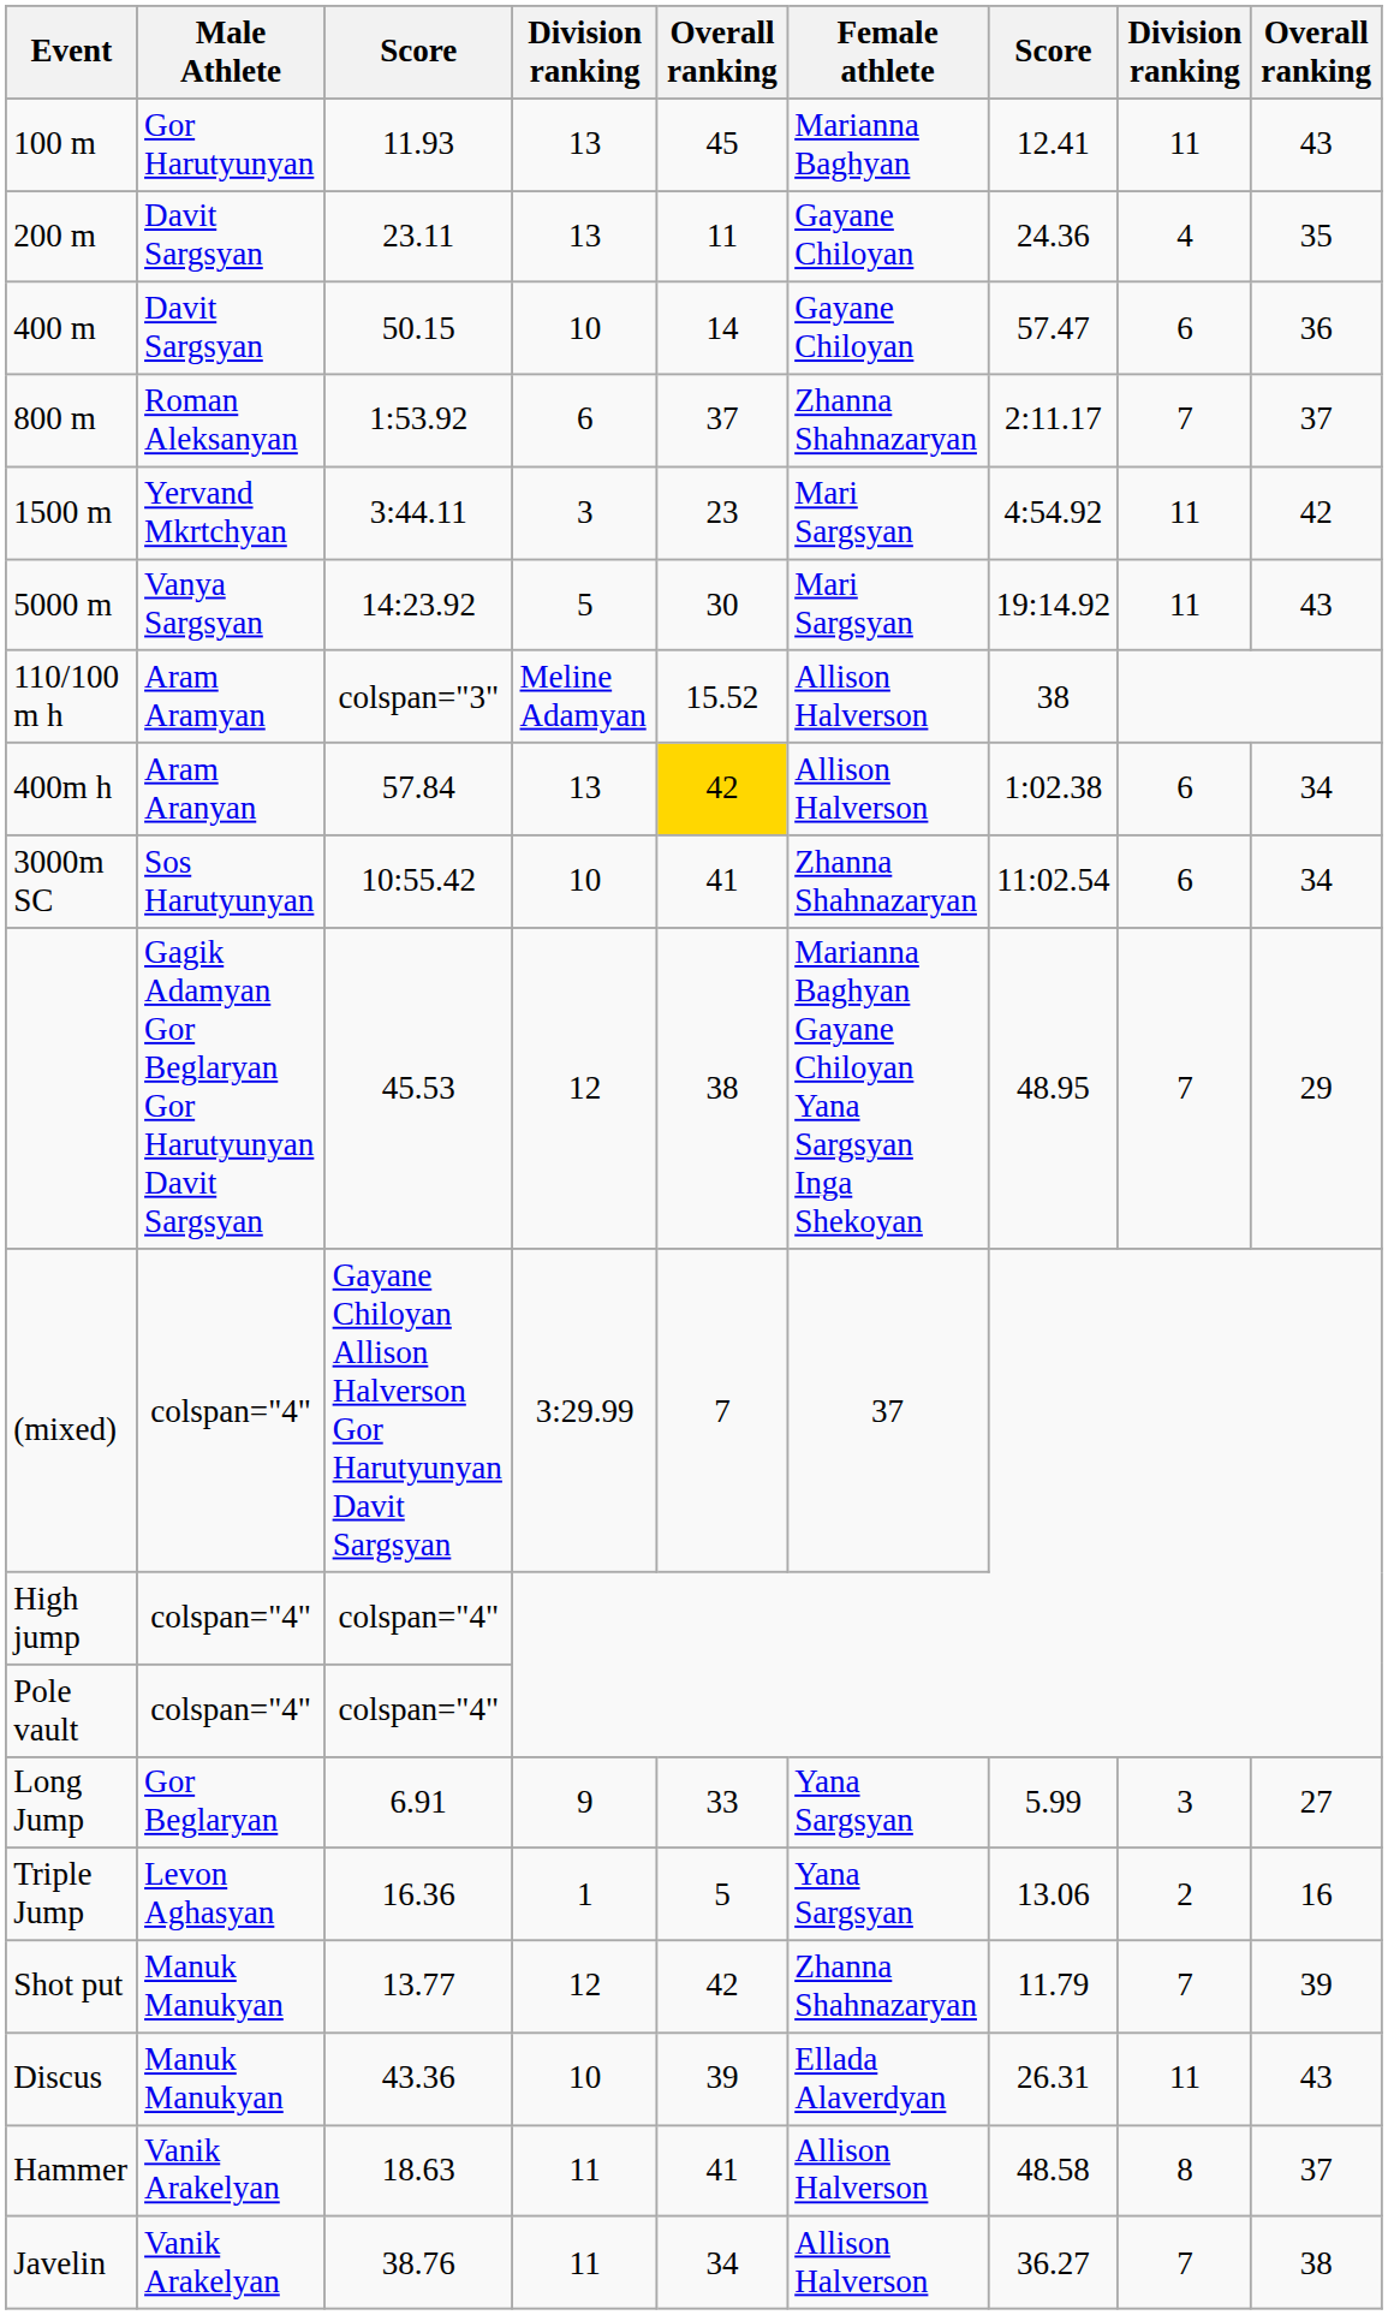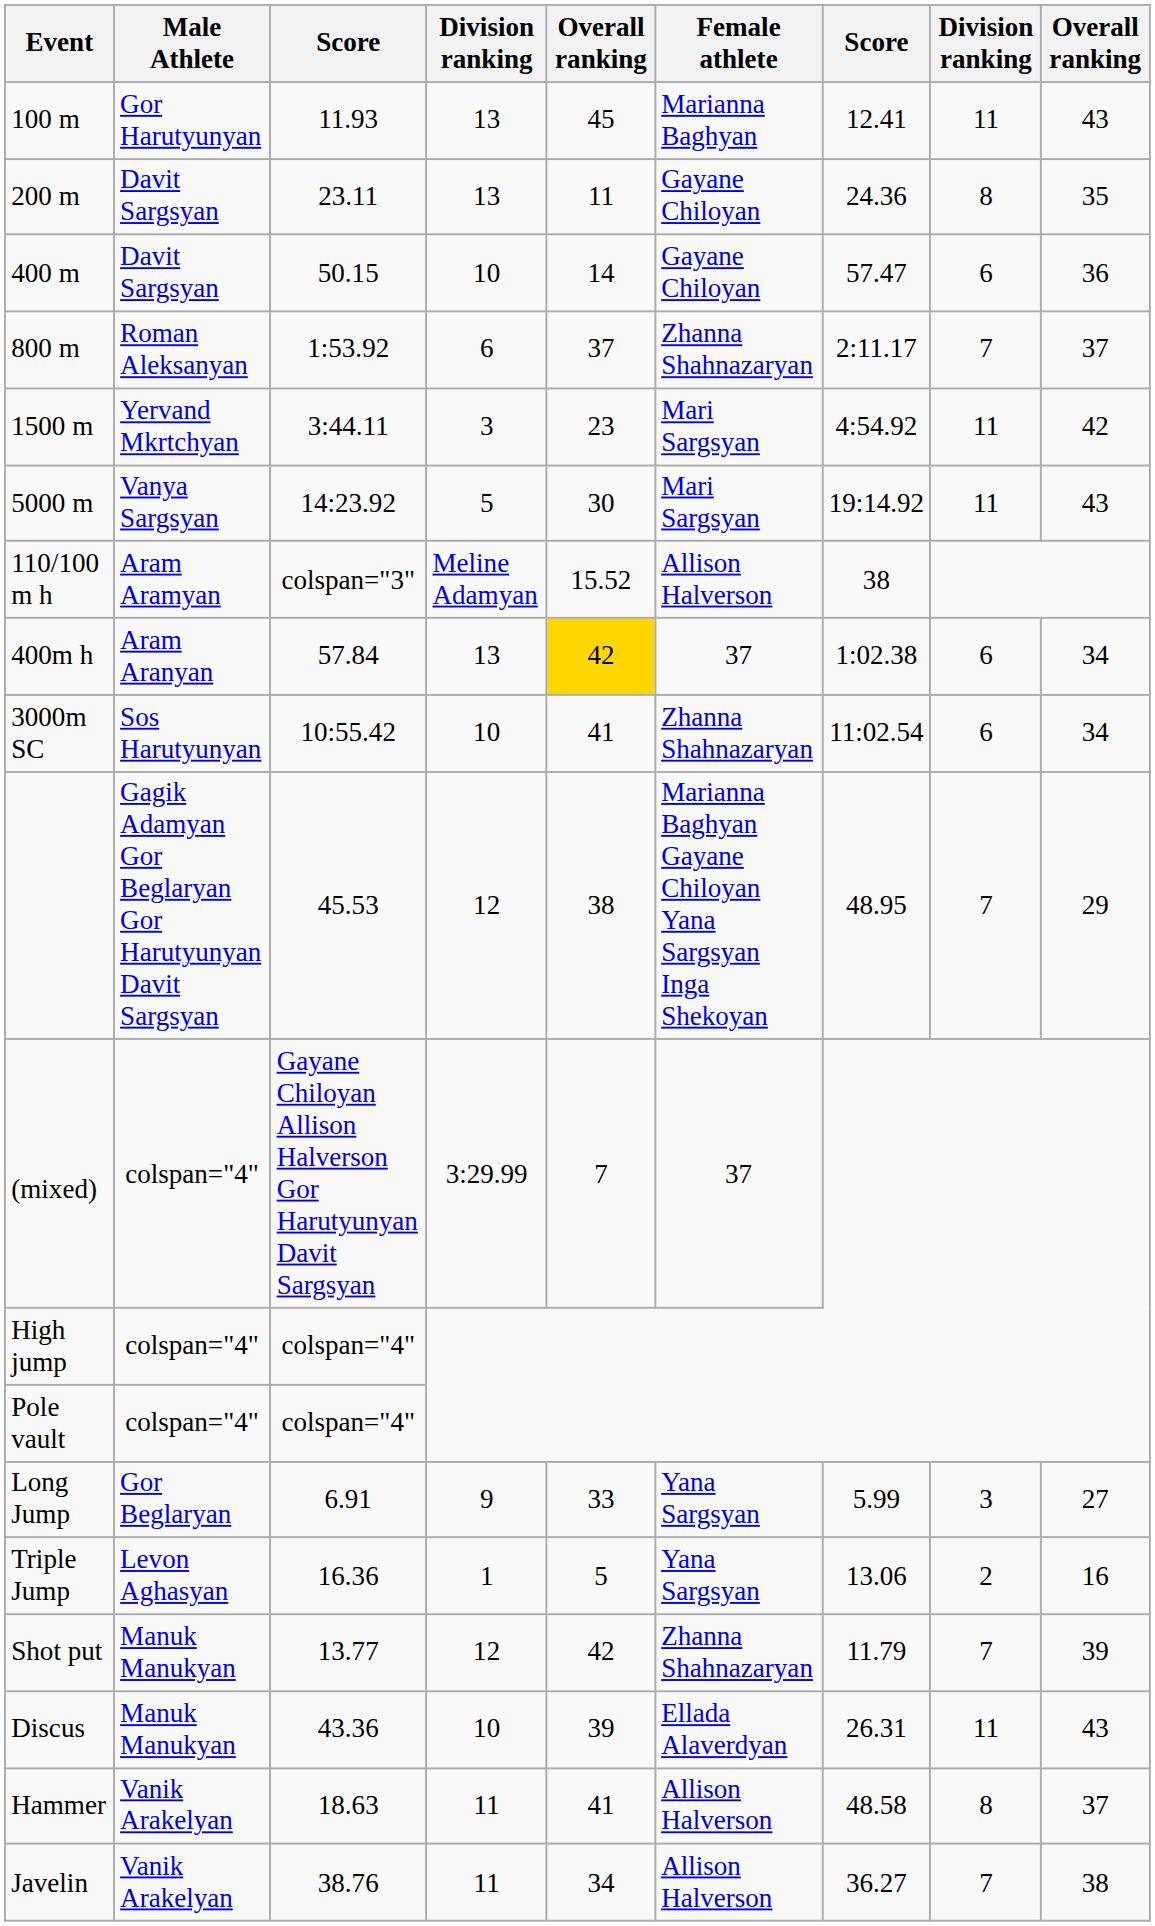 <table class="wikitable" style="text-align:center; font-size:90%">
 <tr>
 <th>Event</th>
 <th>Male Athlete</th>
 <th>Score</th>
 <th>Division ranking</th>
 <th>Overall ranking</th>
 <th>Female athlete</th>
 <th>Score</th>
 <th>Division ranking</th>
 <th>Overall ranking</th>
 </tr>
 <tr>
 <td align="left">100 m</td>
 <td align="left"><a href='#'>Gor Harutyunyan</a></td>
 <td>11.93</td>
 <td>13</td>
 <td>45</td>
 <td align="left"><a href='#'>Marianna Baghyan</a></td>
 <td>12.41</td>
 <td>11</td>
 <td>43</td>
 </tr>
 <tr>
 <td align="left">200 m</td>
 <td align="left"><a href='#'>Davit Sargsyan</a></td>
 <td>23.11</td>
 <td>13</td>
 <td>11</td>
 <td align="left"><a href='#'>Gayane Chiloyan</a></td>
 <td>24.36</td>
-<td>4</td>
+<td>8</td>
 <td>35</td>
 </tr>
 <tr>
 <td align="left">400 m</td>
 <td align="left"><a href='#'>Davit Sargsyan</a></td>
 <td>50.15</td>
 <td>10</td>
 <td>14</td>
 <td align="left"><a href='#'>Gayane Chiloyan</a></td>
 <td>57.47</td>
 <td>6</td>
 <td>36</td>
 </tr>
 <tr>
 <td align="left">800 m</td>
 <td align="left"><a href='#'>Roman Aleksanyan</a></td>
 <td>1:53.92</td>
 <td>6</td>
 <td>37</td>
 <td align="left"><a href='#'>Zhanna Shahnazaryan</a></td>
 <td>2:11.17</td>
 <td>7</td>
 <td>37</td>
 </tr>
 <tr>
 <td align="left">1500 m</td>
 <td align="left"><a href='#'>Yervand Mkrtchyan</a></td>
 <td>3:44.11</td>
 <td>3</td>
 <td>23</td>
 <td align="left"><a href='#'>Mari Sargsyan</a></td>
 <td>4:54.92</td>
 <td>11</td>
 <td>42</td>
 </tr>
 <tr>
 <td align="left">5000 m</td>
 <td align="left"><a href='#'>Vanya Sargsyan</a></td>
 <td>14:23.92</td>
 <td>5</td>
 <td>30</td>
 <td align="left"><a href='#'>Mari Sargsyan</a></td>
 <td>19:14.92</td>
 <td>11</td>
 <td>43</td>
 </tr>
 <tr>
 <td align="left">110/100 m h</td>
 <td align="left"><a href='#'>Aram Aramyan</a></td>
 <td>colspan="3" </td>
 <td align="left"><a href='#'>Meline Adamyan</a></td>
 <td>15.52</td>
 <td align="left"><a href='#'>Allison Halverson</a></td>
 <td>38</td>
 </tr>
 <tr>
 <td align="left">400m h</td>
 <td align="left"><a href='#'>Aram Aranyan</a></td>
 <td>57.84</td>
 <td>13</td>
 <td style="background: gold;">42</td>
-<td align="left"><a href='#'>Allison Halverson</a></td>
+<td>37</td>
 <td>1:02.38</td>
 <td>6</td>
 <td>34</td>
 </tr>
 <tr>
 <td align="left">3000m SC</td>
 <td align="left"><a href='#'>Sos Harutyunyan</a></td>
 <td>10:55.42</td>
 <td>10</td>
 <td>41</td>
 <td align="left"><a href='#'>Zhanna Shahnazaryan</a></td>
 <td>11:02.54</td>
 <td>6</td>
 <td>34</td>
 </tr>
 <tr>
 <td align="left"></td>
 <td align="left"><a href='#'>Gagik Adamyan</a><br><a href='#'>Gor Beglaryan</a><br><a href='#'>Gor Harutyunyan</a><br><a href='#'>Davit Sargsyan</a></td>
 <td>45.53</td>
 <td>12</td>
 <td>38</td>
 <td align="left"><a href='#'>Marianna Baghyan</a><br><a href='#'>Gayane Chiloyan</a><br><a href='#'>Yana Sargsyan</a><br><a href='#'>Inga Shekoyan</a></td>
 <td>48.95</td>
 <td>7</td>
 <td>29</td>
 </tr>
 <tr>
 <td align="left"><br>(mixed)</td>
 <td>colspan="4" </td>
 <td align="left"><a href='#'>Gayane Chiloyan</a><br><a href='#'>Allison Halverson</a><br><a href='#'>Gor Harutyunyan</a><br><a href='#'>Davit Sargsyan</a></td>
 <td>3:29.99</td>
 <td>7</td>
 <td>37</td>
 </tr>
 <tr>
 <td align="left">High jump</td>
 <td>colspan="4" </td>
 <td>colspan="4" </td>
 </tr>
 <tr>
 <td align="left">Pole vault</td>
 <td>colspan="4" </td>
 <td>colspan="4" </td>
 </tr>
 <tr>
 <td align="left">Long Jump</td>
 <td align="left"><a href='#'>Gor Beglaryan</a></td>
 <td>6.91</td>
 <td>9</td>
 <td>33</td>
 <td align="left"><a href='#'>Yana Sargsyan</a></td>
 <td>5.99</td>
 <td>3</td>
 <td>27</td>
 </tr>
 <tr>
 <td align="left">Triple Jump</td>
 <td align="left"><a href='#'>Levon Aghasyan</a></td>
 <td>16.36</td>
 <td>1</td>
 <td>5</td>
 <td align="left"><a href='#'>Yana Sargsyan</a></td>
 <td>13.06</td>
 <td>2</td>
 <td>16</td>
 </tr>
 <tr>
 <td align="left">Shot put</td>
 <td align="left"><a href='#'>Manuk Manukyan</a></td>
 <td>13.77</td>
 <td>12</td>
 <td>42</td>
 <td align="left"><a href='#'>Zhanna Shahnazaryan</a></td>
 <td>11.79</td>
 <td>7</td>
 <td>39</td>
 </tr>
 <tr>
 <td align="left">Discus</td>
 <td align="left"><a href='#'>Manuk Manukyan</a></td>
 <td>43.36</td>
 <td>10</td>
 <td>39</td>
 <td align="left"><a href='#'>Ellada Alaverdyan</a></td>
 <td>26.31</td>
 <td>11</td>
 <td>43</td>
 </tr>
 <tr>
 <td align="left">Hammer</td>
 <td align="left"><a href='#'>Vanik Arakelyan</a></td>
 <td>18.63</td>
 <td>11</td>
 <td>41</td>
 <td align="left"><a href='#'>Allison Halverson</a></td>
 <td>48.58</td>
 <td>8</td>
 <td>37</td>
 </tr>
 <tr>
 <td align="left">Javelin</td>
 <td align="left"><a href='#'>Vanik Arakelyan</a></td>
 <td>38.76</td>
 <td>11</td>
 <td>34</td>
 <td align="left"><a href='#'>Allison Halverson</a></td>
 <td>36.27</td>
 <td>7</td>
 <td>38</td>
 </tr>
 </table>
